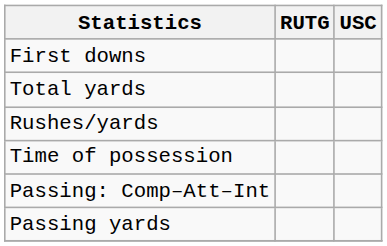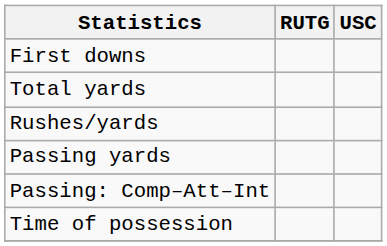 <table class="wikitable" style="float: left;">
 <tr>
 <th>Statistics</th>
 <th>RUTG</th>
 <th>USC</th>
 </tr>
 <tr>
 <td>First downs</td>
 <td></td>
 <td></td>
 </tr>
 <tr>
 <td>Total yards</td>
 <td></td>
 <td></td>
 </tr>
 <tr>
 <td>Rushes/yards</td>
 <td></td>
 <td></td>
 </tr>
 <tr>
-<td>Time of possession</td>
+<td>Passing yards</td>
 <td></td>
 <td></td>
 </tr>
 <tr>
 <td>Passing: Comp–Att–Int</td>
 <td></td>
 <td></td>
 </tr>
 <tr>
-<td>Passing yards</td>
+<td>Time of possession</td>
 <td></td>
 <td></td>
 </tr>
 <tr>
 </tr>
 </table>
